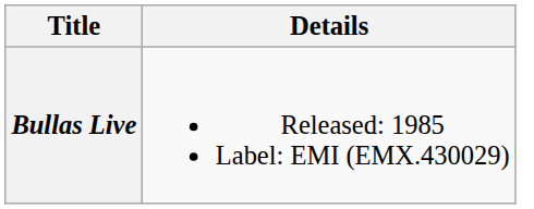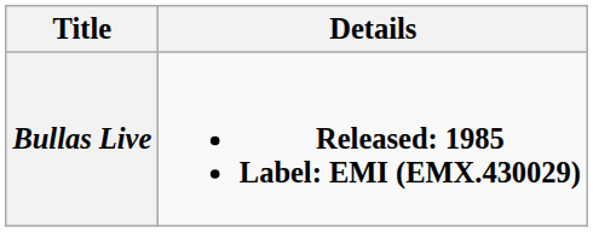 <table class="wikitable plainrowheaders" style="text-align:center;" border="1">
 <tr>
 <th scope="col">Title</th>
 <th scope="col">Details</th>
 </tr>
 <tr>
 <th scope="row"><em>Bullas Live</em></th>
-<td><br><ul><li>Released: 1985</li><li>Label: EMI (EMX.430029)</li></ul></td>
+<td><strong><br><ul><li>Released: 1985</li><li>Label: EMI (EMX.430029)</li></ul></strong></td>
 </tr>
 </table>
